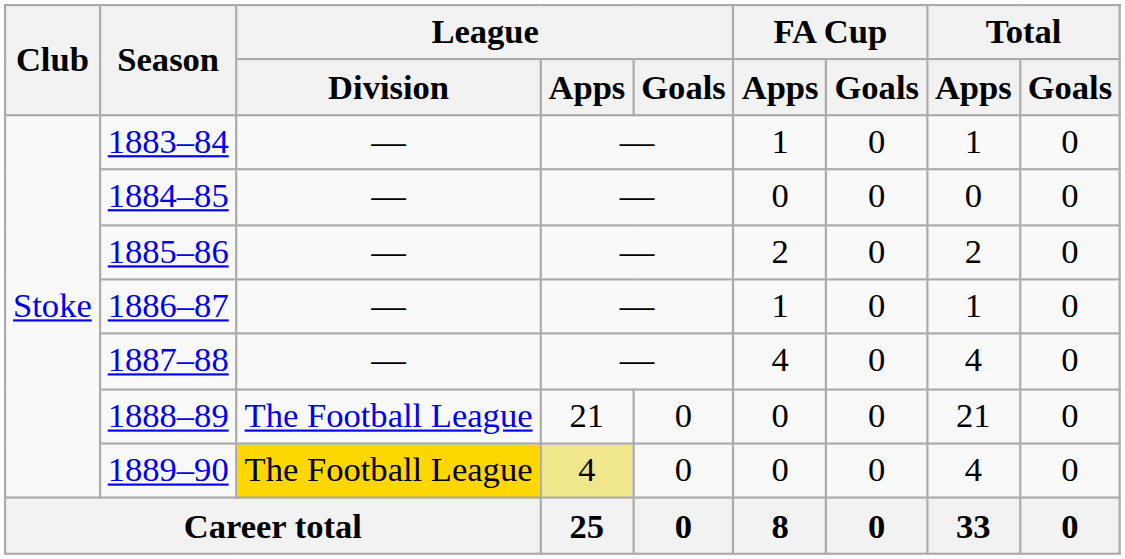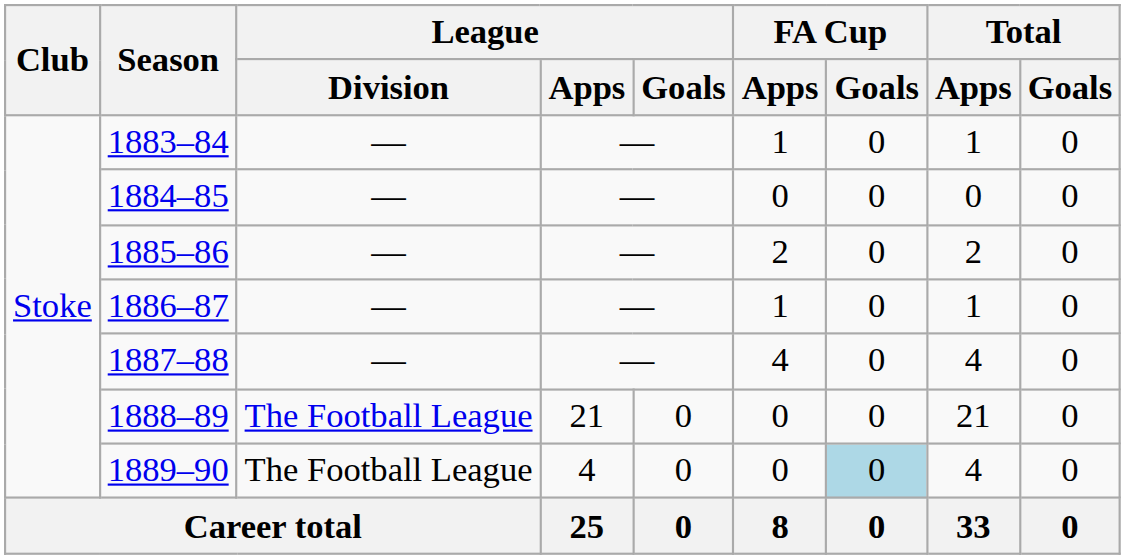 <table class="wikitable" style="text-align: center;">
 <tr>
 <th rowspan="2">Club</th>
 <th rowspan="2">Season</th>
 <th colspan="3">League</th>
 <th colspan="2">FA Cup</th>
 <th colspan="2">Total</th>
 </tr>
 <tr>
 <th>Division</th>
 <th>Apps</th>
 <th>Goals</th>
 <th>Apps</th>
 <th>Goals</th>
 <th>Apps</th>
 <th>Goals</th>
 </tr>
 <tr>
 <td rowspan="7"><a href='#'>Stoke</a></td>
 <td><a href='#'>1883–84</a></td>
 <td>—</td>
 <td colspan="2">—</td>
 <td>1</td>
 <td>0</td>
 <td>1</td>
 <td>0</td>
 </tr>
 <tr>
 <td><a href='#'>1884–85</a></td>
 <td>—</td>
 <td colspan="2">—</td>
 <td>0</td>
 <td>0</td>
 <td>0</td>
 <td>0</td>
 </tr>
 <tr>
 <td><a href='#'>1885–86</a></td>
 <td>—</td>
 <td colspan="2">—</td>
 <td>2</td>
 <td>0</td>
 <td>2</td>
 <td>0</td>
 </tr>
 <tr>
 <td><a href='#'>1886–87</a></td>
 <td>—</td>
 <td colspan="2">—</td>
 <td>1</td>
 <td>0</td>
 <td>1</td>
 <td>0</td>
 </tr>
 <tr>
 <td><a href='#'>1887–88</a></td>
 <td>—</td>
 <td colspan="2">—</td>
 <td>4</td>
 <td>0</td>
 <td>4</td>
 <td>0</td>
 </tr>
 <tr>
 <td><a href='#'>1888–89</a></td>
 <td><a href='#'>The Football League</a></td>
 <td>21</td>
 <td>0</td>
 <td>0</td>
 <td>0</td>
 <td>21</td>
 <td>0</td>
 </tr>
 <tr>
 <td><a href='#'>1889–90</a></td>
-<td style="background: gold;">The Football League</td>
-<td style="background: khaki;">4</td>
+<td>The Football League</td>
+<td>4</td>
 <td>0</td>
 <td>0</td>
-<td>0</td>
+<td style="background: lightblue;">0</td>
 <td>4</td>
 <td>0</td>
 </tr>
 <tr>
 <th colspan="3">Career total</th>
 <th>25</th>
 <th>0</th>
 <th>8</th>
 <th>0</th>
 <th>33</th>
 <th>0</th>
 </tr>
 </table>
